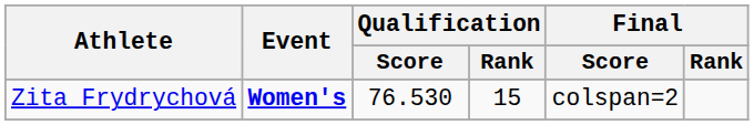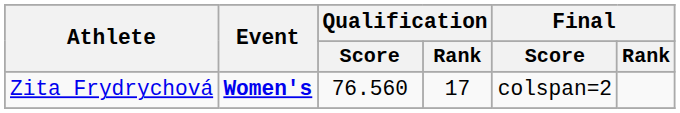 <table class="wikitable" style="font-size:90%">
 <tr>
 <th rowspan="2">Athlete</th>
 <th rowspan="2">Event</th>
 <th colspan="2">Qualification</th>
 <th colspan="2">Final</th>
 </tr>
 <tr style="font-size:95%">
 <th>Score</th>
 <th>Rank</th>
 <th>Score</th>
 <th>Rank</th>
 </tr>
 <tr align=center>
 <td align=left><a href='#'>Zita Frydrychová</a></td>
 <td align=left><strong><a href='#'>Women's</a></strong></td>
-<td>76.530</td>
-<td>15</td>
+<td>76.560</td>
+<td>17</td>
 <td>colspan=2 </td>
 </tr>
 </table>
